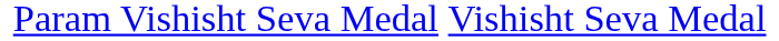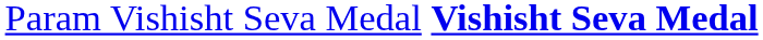 <table style="margin:1em auto; text-align:center;">
 <tr>
 <td></td>
 <td></td>
 </tr>
 <tr>
 <td><a href='#'>Param Vishisht Seva Medal</a></td>
-<td><a href='#'>Vishisht Seva Medal</a></td>
+<td><strong><a href='#'>Vishisht Seva Medal</a></strong></td>
 </tr>
 </table>
